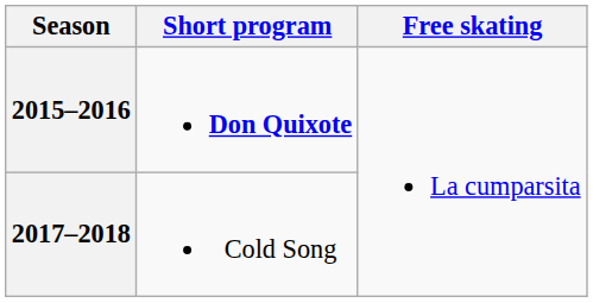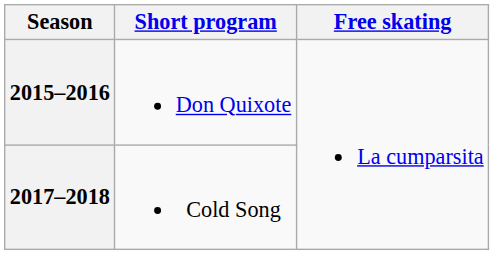 <table class=wikitable style=text-align:center>
 <tr>
 <th>Season</th>
 <th><a href='#'>Short program</a></th>
 <th><a href='#'>Free skating</a></th>
 </tr>
 <tr>
 <th>2015–2016 <br> </th>
-<td><strong><br><ul><li><a href='#'>Don Quixote</a> <br></li></ul></strong></td>
+<td><br><ul><li><a href='#'>Don Quixote</a> <br></li></ul></td>
 <td rowspan="2"><br><ul><li><a href='#'>La cumparsita</a> <br></li></ul></td>
 </tr>
 <tr>
 <th>2017–2018 <br> </th>
 <td><br><ul><li>Cold Song <br></li></ul></td>
 </tr>
 </table>
